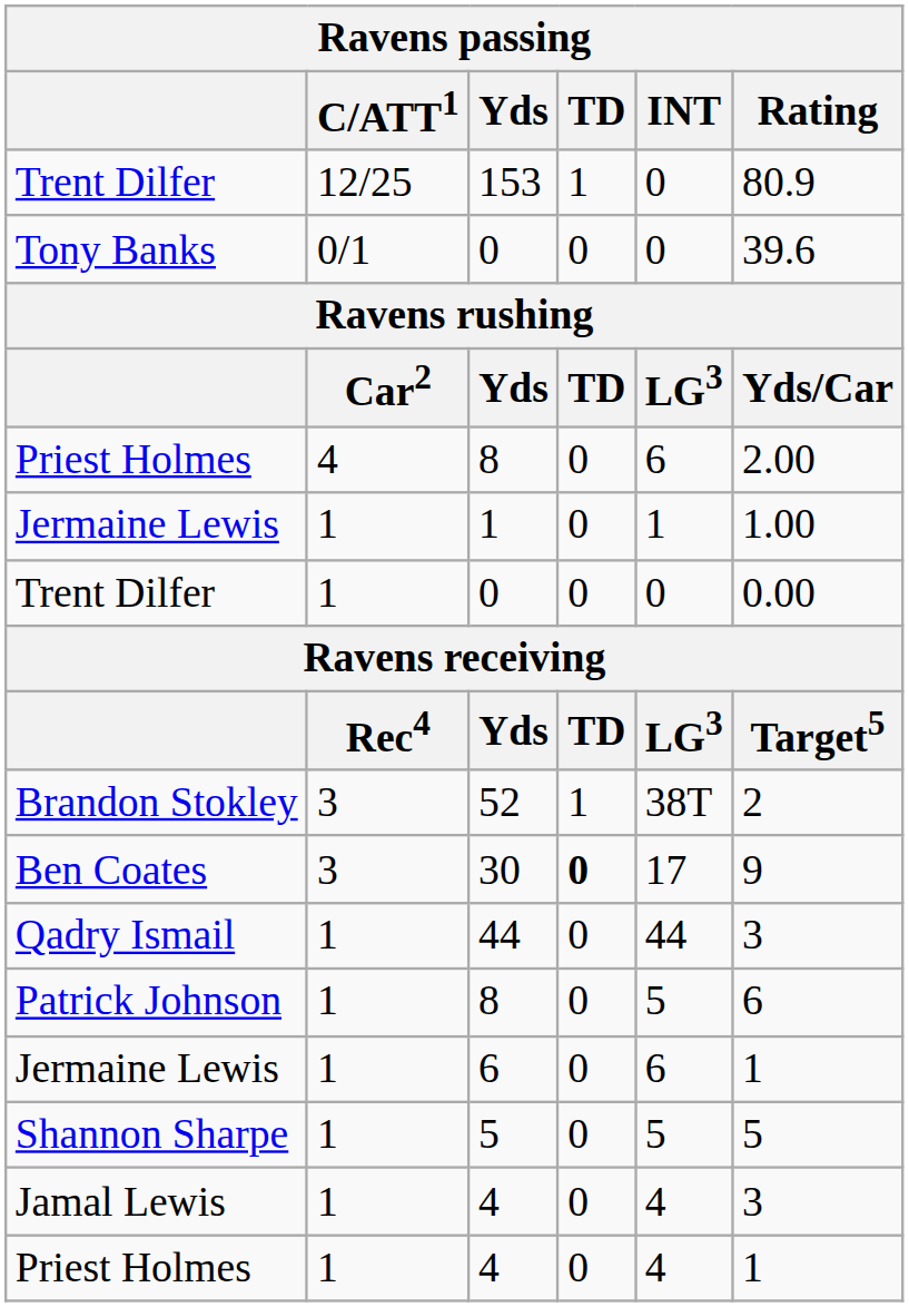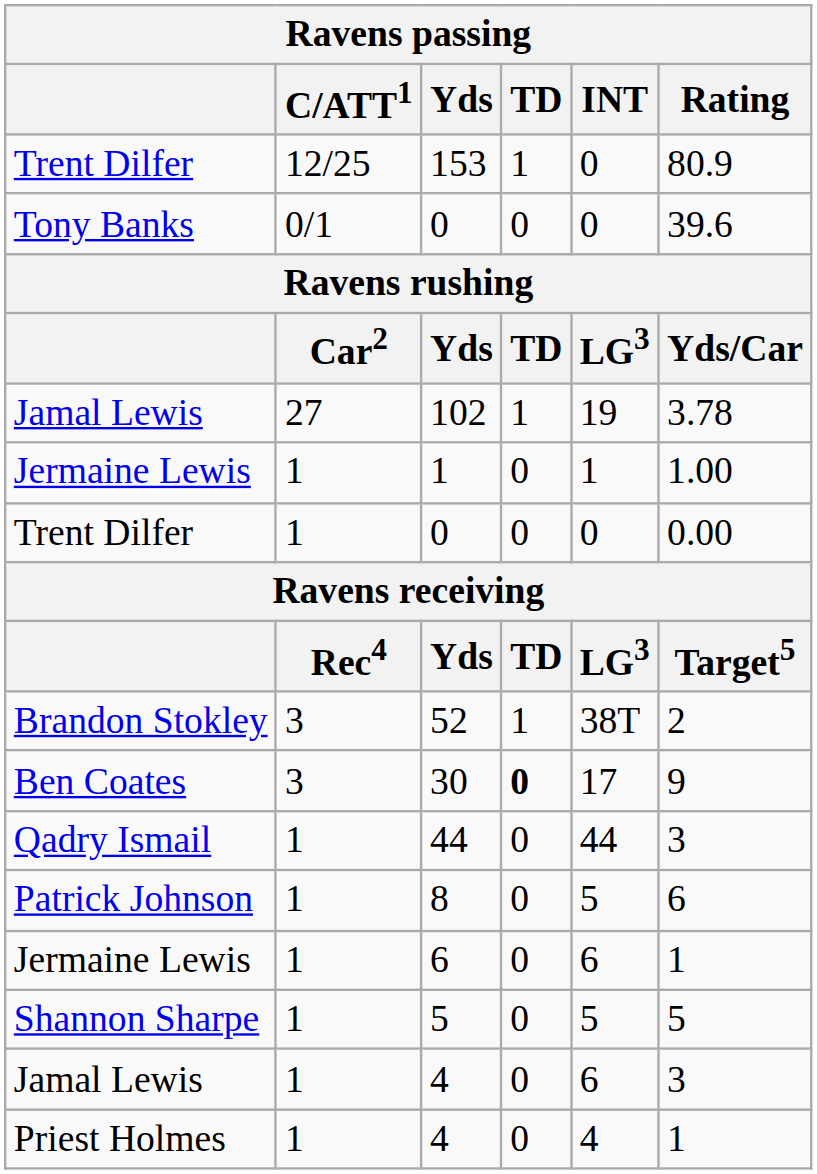 <table class="wikitable">
 <tr>
 <th colspan="6">Ravens passing</th>
 </tr>
 <tr>
 <th></th>
 <th>C/ATT<sup>1</sup></th>
 <th>Yds</th>
 <th>TD</th>
 <th>INT</th>
 <th>Rating</th>
 </tr>
 <tr>
 <td><a href='#'>Trent Dilfer</a></td>
 <td>12/25</td>
 <td>153</td>
 <td>1</td>
 <td>0</td>
 <td>80.9</td>
 </tr>
 <tr>
 <td><a href='#'>Tony Banks</a></td>
 <td>0/1</td>
 <td>0</td>
 <td>0</td>
 <td>0</td>
 <td>39.6</td>
 </tr>
 <tr>
 <th colspan="6">Ravens rushing</th>
 </tr>
 <tr>
 <th></th>
 <th>Car<sup>2</sup></th>
 <th>Yds</th>
 <th>TD</th>
 <th>LG<sup>3</sup></th>
 <th>Yds/Car</th>
 </tr>
 <tr>
-<td><a href='#'>Priest Holmes</a></td>
-<td>4</td>
-<td>8</td>
-<td>0</td>
-<td>6</td>
-<td>2.00</td>
+<td><a href='#'>Jamal Lewis</a></td>
+<td>27</td>
+<td>102</td>
+<td>1</td>
+<td>19</td>
+<td>3.78</td>
 </tr>
 <tr>
 <td><a href='#'>Jermaine Lewis</a></td>
 <td>1</td>
 <td>1</td>
 <td>0</td>
 <td>1</td>
 <td>1.00</td>
 </tr>
 <tr>
 <td>Trent Dilfer</td>
 <td>1</td>
 <td>0</td>
 <td>0</td>
 <td>0</td>
 <td>0.00</td>
 </tr>
 <tr>
 <th colspan="6">Ravens receiving</th>
 </tr>
 <tr>
 <th></th>
 <th>Rec<sup>4</sup></th>
 <th>Yds</th>
 <th>TD</th>
 <th>LG<sup>3</sup></th>
 <th>Target<sup>5</sup></th>
 </tr>
 <tr>
 <td><a href='#'>Brandon Stokley</a></td>
 <td>3</td>
 <td>52</td>
 <td>1</td>
 <td>38T</td>
 <td>2</td>
 </tr>
 <tr>
 <td><a href='#'>Ben Coates</a></td>
 <td>3</td>
 <td>30</td>
 <td><strong>0</strong></td>
 <td>17</td>
 <td>9</td>
 </tr>
 <tr>
 <td><a href='#'>Qadry Ismail</a></td>
 <td>1</td>
 <td>44</td>
 <td>0</td>
 <td>44</td>
 <td>3</td>
 </tr>
 <tr>
 <td><a href='#'>Patrick Johnson</a></td>
 <td>1</td>
 <td>8</td>
 <td>0</td>
 <td>5</td>
 <td>6</td>
 </tr>
 <tr>
 <td>Jermaine Lewis</td>
 <td>1</td>
 <td>6</td>
 <td>0</td>
 <td>6</td>
 <td>1</td>
 </tr>
 <tr>
 <td><a href='#'>Shannon Sharpe</a></td>
 <td>1</td>
 <td>5</td>
 <td>0</td>
 <td>5</td>
 <td>5</td>
 </tr>
 <tr>
 <td>Jamal Lewis</td>
 <td>1</td>
 <td>4</td>
 <td>0</td>
-<td>4</td>
+<td>6</td>
 <td>3</td>
 </tr>
 <tr>
 <td>Priest Holmes</td>
 <td>1</td>
 <td>4</td>
 <td>0</td>
 <td>4</td>
 <td>1</td>
 </tr>
 </table>
